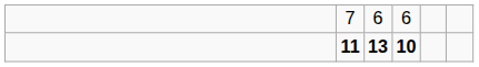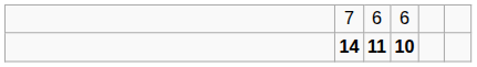 <table class="wikitable">
 <tr>
 <td style="width:18em"></td>
 <td align=center style="width:1em">7</td>
 <td align=center style="width:1em">6</td>
 <td align=center style="width:1em">6</td>
 <td align=center style="width:1em"></td>
 <td align=center style="width:1em"></td>
 </tr>
 <tr>
 <td style="width:18em"><strong></strong></td>
+<td align=center style="width:1em"><strong>14</strong></td>
 <td align=center style="width:1em"><strong>11</strong></td>
-<td align=center style="width:1em"><strong>13</strong></td>
 <td align=center style="width:1em"><strong>10</strong></td>
 <td align=center style="width:1em"></td>
 <td align=center style="width:1em"></td>
 </tr>
 </table>
